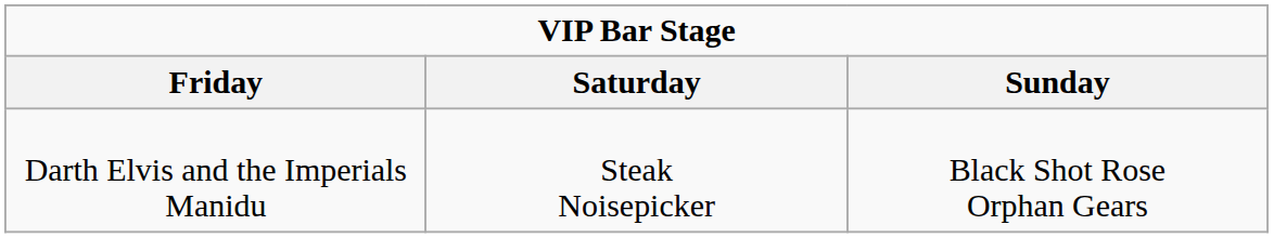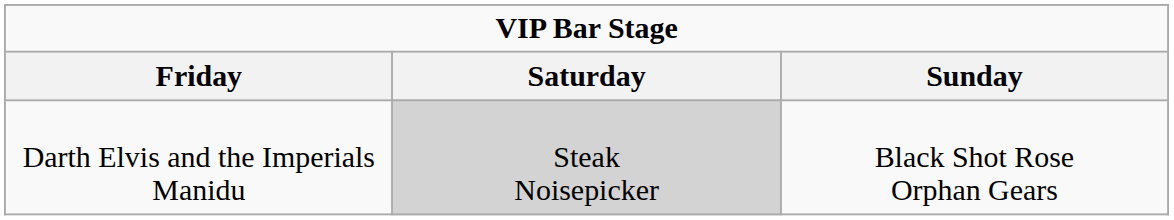 <table class="wikitable">
 <tr>
 <td colspan="3" align="center"><strong>VIP Bar Stage</strong></td>
 </tr>
 <tr>
 <th>Friday</th>
 <th>Saturday</th>
 <th>Sunday</th>
 </tr>
 <tr>
 <td align="center" valign="top" width="200"><br>Darth Elvis and the Imperials<br> Manidu</td>
-<td align="center" valign="top" width="200"><br>Steak<br> Noisepicker</td>
+<td align="center" valign="top" width="200" style="background: lightgrey;"><br>Steak<br> Noisepicker</td>
 <td align="center" valign="top" width="200"><br>Black Shot Rose<br> Orphan Gears</td>
 </tr>
 </table>
